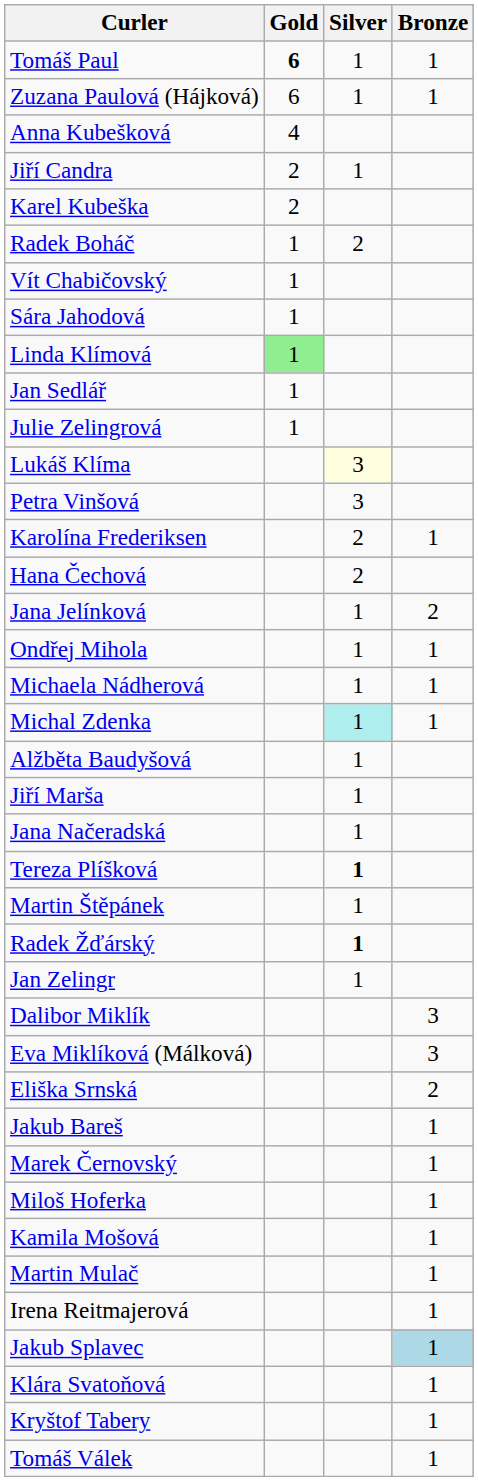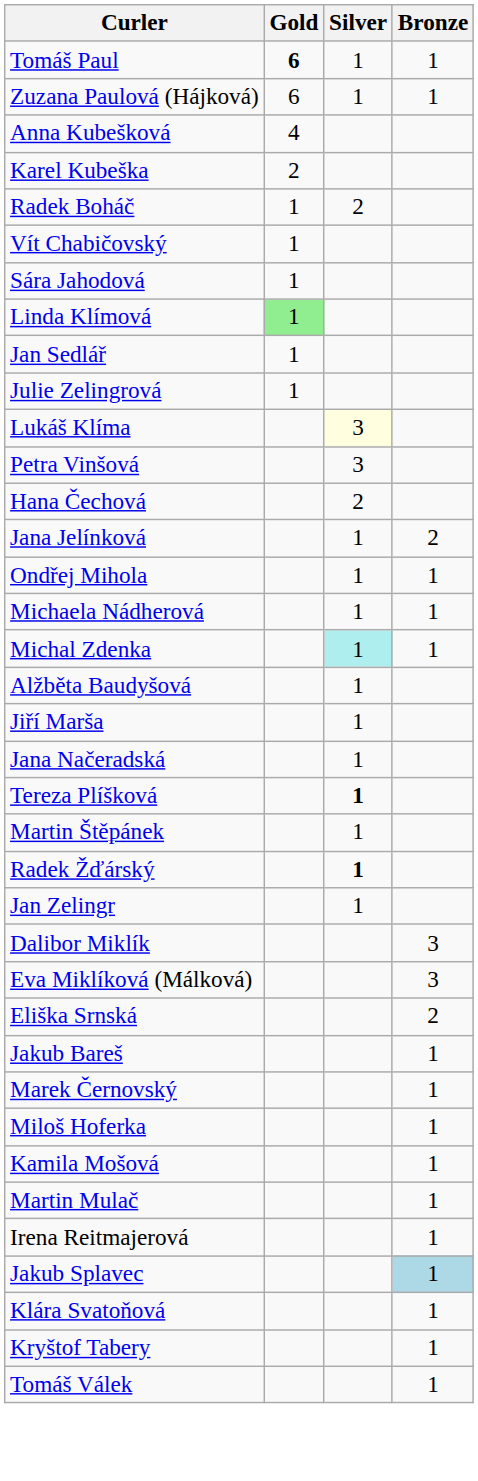 <table class="wikitable" style="text-align:center;">
 <tr>
 <th>Curler</th>
 <th>Gold</th>
 <th>Silver</th>
 <th>Bronze</th>
 </tr>
 <tr>
 <td align="left"><a href='#'>Tomáš Paul</a></td>
 <td><strong>6</strong></td>
 <td>1</td>
 <td>1</td>
 </tr>
 <tr>
 <td align="left"><a href='#'>Zuzana Paulová</a> (Hájková)</td>
 <td>6</td>
 <td>1</td>
 <td>1</td>
 </tr>
 <tr>
 <td align="left"><a href='#'>Anna Kubešková</a></td>
 <td>4</td>
 <td></td>
-<td></td>
-</tr>
-<tr>
-<td align="left"><a href='#'>Jiří Candra</a></td>
-<td>2</td>
-<td>1</td>
 <td></td>
 </tr>
 <tr>
 <td align="left"><a href='#'>Karel Kubeška</a></td>
 <td>2</td>
 <td></td>
 <td></td>
 </tr>
 <tr>
 <td align="left"><a href='#'>Radek Boháč</a></td>
 <td>1</td>
 <td>2</td>
 <td></td>
 </tr>
 <tr>
 <td align="left"><a href='#'>Vít Chabičovský</a></td>
 <td>1</td>
 <td></td>
 <td></td>
 </tr>
 <tr>
 <td align="left"><a href='#'>Sára Jahodová</a></td>
 <td>1</td>
 <td></td>
 <td></td>
 </tr>
 <tr>
 <td align="left"><a href='#'>Linda Klímová</a></td>
 <td style="background: lightgreen;">1</td>
 <td></td>
 <td></td>
 </tr>
 <tr>
 <td align="left"><a href='#'>Jan Sedlář</a></td>
 <td>1</td>
 <td></td>
 <td></td>
 </tr>
 <tr>
 <td align="left"><a href='#'>Julie Zelingrová</a></td>
 <td>1</td>
 <td></td>
 <td></td>
 </tr>
 <tr>
 <td align="left"><a href='#'>Lukáš Klíma</a></td>
 <td></td>
 <td style="background: lightyellow;">3</td>
 <td></td>
 </tr>
 <tr>
 <td align="left"><a href='#'>Petra Vinšová</a></td>
 <td></td>
 <td>3</td>
 <td></td>
-</tr>
-<tr>
-<td align="left"><a href='#'>Karolína Frederiksen</a></td>
-<td></td>
-<td>2</td>
-<td>1</td>
 </tr>
 <tr>
 <td align="left"><a href='#'>Hana Čechová</a></td>
 <td></td>
 <td>2</td>
 <td></td>
 </tr>
 <tr>
 <td align="left"><a href='#'>Jana Jelínková</a></td>
 <td></td>
 <td>1</td>
 <td>2</td>
 </tr>
 <tr>
 <td align="left"><a href='#'>Ondřej Mihola</a></td>
 <td></td>
 <td>1</td>
 <td>1</td>
 </tr>
 <tr>
 <td align="left"><a href='#'>Michaela Nádherová</a></td>
 <td></td>
 <td>1</td>
 <td>1</td>
 </tr>
 <tr>
 <td align="left"><a href='#'>Michal Zdenka</a></td>
 <td></td>
 <td style="background: paleturquoise;">1</td>
 <td>1</td>
 </tr>
 <tr>
 <td align="left"><a href='#'>Alžběta Baudyšová</a></td>
 <td></td>
 <td>1</td>
 <td></td>
 </tr>
 <tr>
 <td align="left"><a href='#'>Jiří Marša</a></td>
 <td></td>
 <td>1</td>
 <td></td>
 </tr>
 <tr>
 <td align="left"><a href='#'>Jana Načeradská</a></td>
 <td></td>
 <td>1</td>
 <td></td>
 </tr>
 <tr>
 <td align="left"><a href='#'>Tereza Plíšková</a></td>
 <td></td>
 <td><strong>1</strong></td>
 <td></td>
 </tr>
 <tr>
 <td align="left"><a href='#'>Martin Štěpánek</a></td>
 <td></td>
 <td>1</td>
 <td></td>
 </tr>
 <tr>
 <td align="left"><a href='#'>Radek Žďárský</a></td>
 <td></td>
 <td><strong>1</strong></td>
 <td></td>
 </tr>
 <tr>
 <td align="left"><a href='#'>Jan Zelingr</a></td>
 <td></td>
 <td>1</td>
 <td></td>
 </tr>
 <tr>
 <td align="left"><a href='#'>Dalibor Miklík</a></td>
 <td></td>
 <td></td>
 <td>3</td>
 </tr>
 <tr>
 <td align="left"><a href='#'>Eva Miklíková</a> (Málková)</td>
 <td></td>
 <td></td>
 <td>3</td>
 </tr>
 <tr>
 <td align="left"><a href='#'>Eliška Srnská</a></td>
 <td></td>
 <td></td>
 <td>2</td>
 </tr>
 <tr>
 <td align="left"><a href='#'>Jakub Bareš</a></td>
 <td></td>
 <td></td>
 <td>1</td>
 </tr>
 <tr>
 <td align="left"><a href='#'>Marek Černovský</a></td>
 <td></td>
 <td></td>
 <td>1</td>
 </tr>
 <tr>
 <td align="left"><a href='#'>Miloš Hoferka</a></td>
 <td></td>
 <td></td>
 <td>1</td>
 </tr>
 <tr>
 <td align="left"><a href='#'>Kamila Mošová</a></td>
 <td></td>
 <td></td>
 <td>1</td>
 </tr>
 <tr>
 <td align="left"><a href='#'>Martin Mulač</a></td>
 <td></td>
 <td></td>
 <td>1</td>
 </tr>
 <tr>
 <td align="left">Irena Reitmajerová</td>
 <td></td>
 <td></td>
 <td>1</td>
 </tr>
 <tr>
 <td align="left"><a href='#'>Jakub Splavec</a></td>
 <td></td>
 <td></td>
 <td style="background: lightblue;">1</td>
 </tr>
 <tr>
 <td align="left"><a href='#'>Klára Svatoňová</a></td>
 <td></td>
 <td></td>
 <td>1</td>
 </tr>
 <tr>
 <td align="left"><a href='#'>Kryštof Tabery</a></td>
 <td></td>
 <td></td>
 <td>1</td>
 </tr>
 <tr>
 <td align="left"><a href='#'>Tomáš Válek</a></td>
 <td></td>
 <td></td>
 <td>1<br></td>
 </tr>
 </table>
